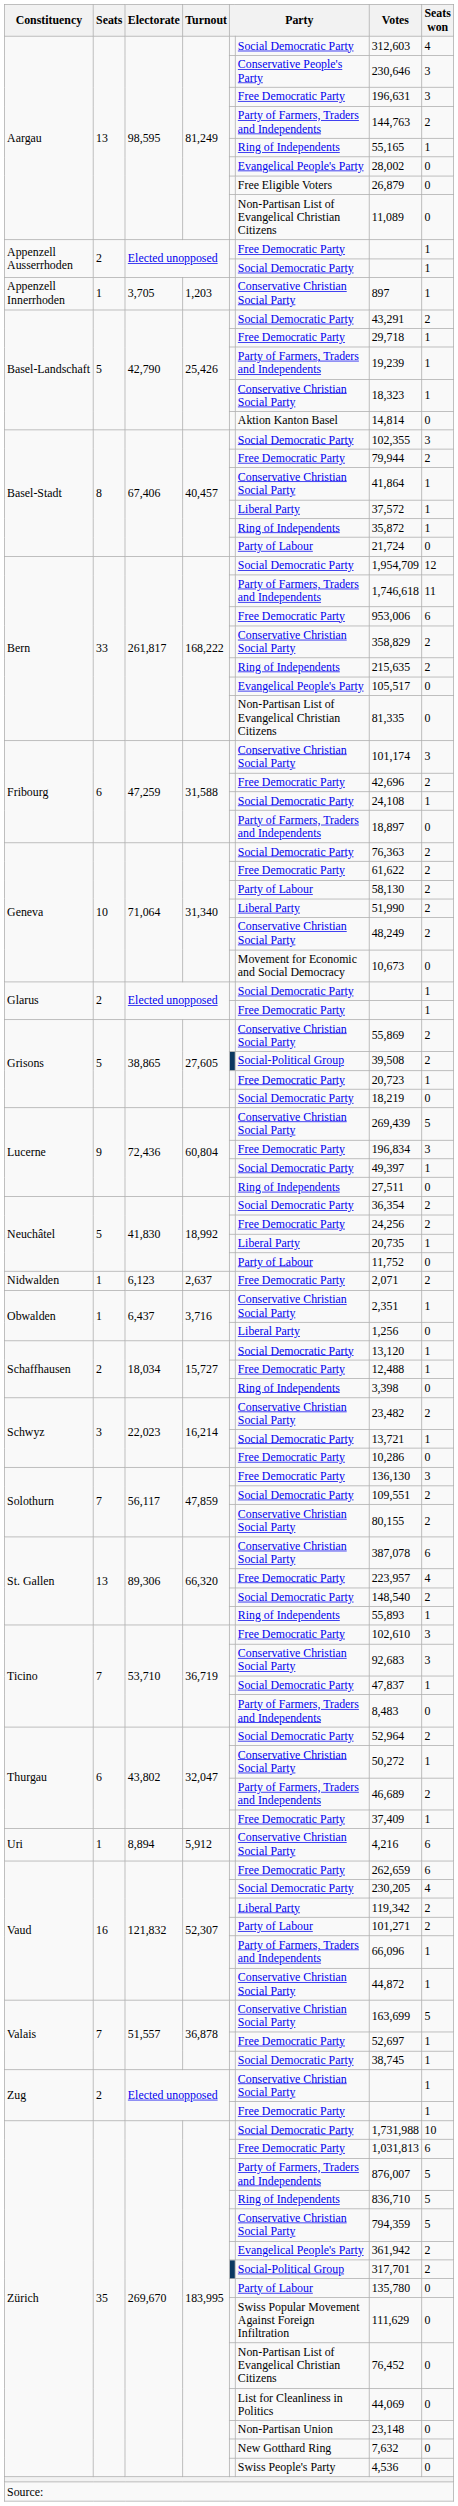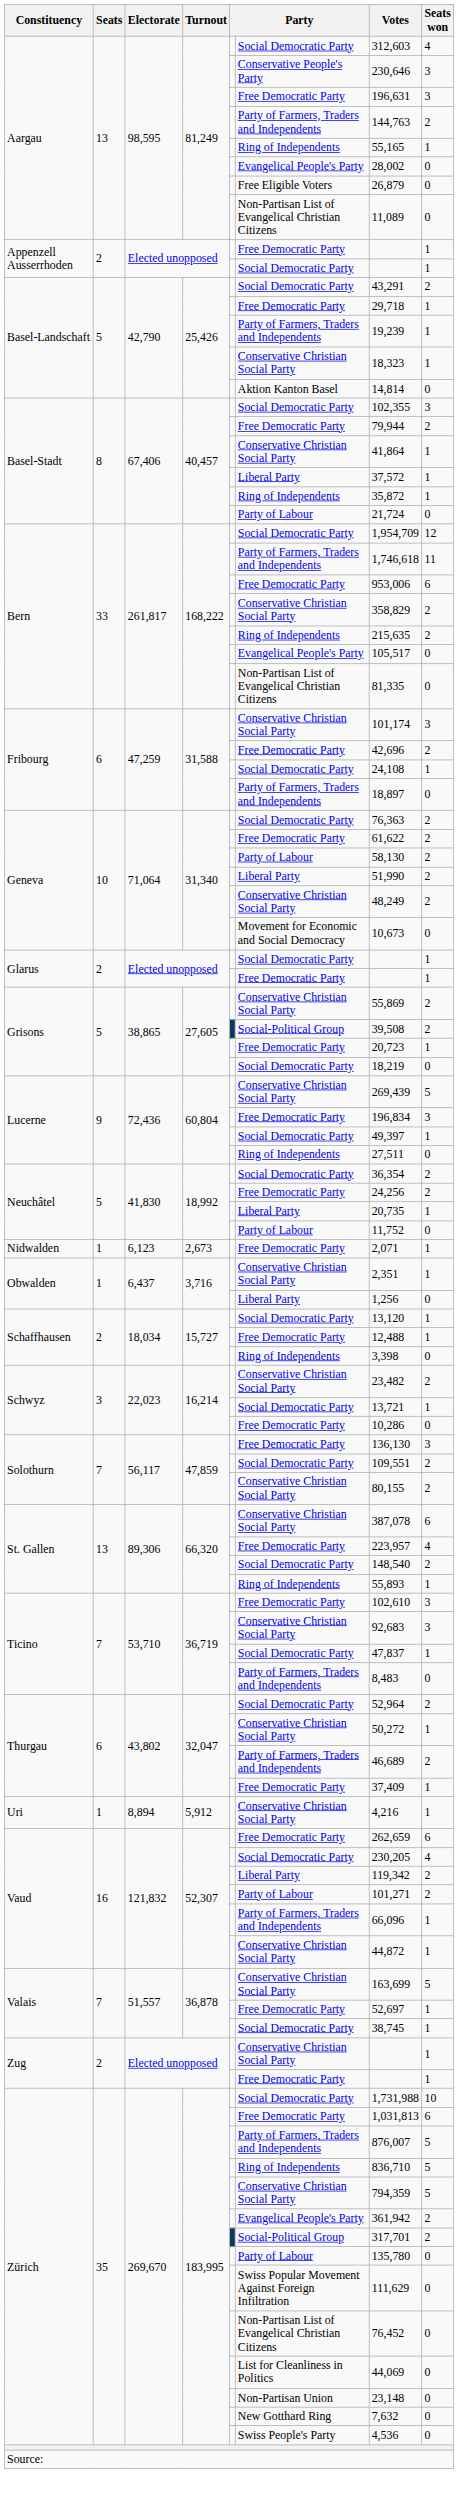 <table class="wikitable">
 <tr>
 <th>Constituency</th>
 <th>Seats</th>
 <th>Electorate</th>
 <th>Turnout</th>
 <th colspan="2">Party</th>
 <th>Votes</th>
 <th>Seats<br>won</th>
 </tr>
 <tr>
 <td rowspan="8">Aargau</td>
 <td rowspan="8">13</td>
 <td rowspan="8">98,595</td>
 <td rowspan="8">81,249</td>
 <td style="color:inherit;background:"></td>
 <td><a href='#'>Social Democratic Party</a></td>
 <td>312,603</td>
 <td>4</td>
 </tr>
 <tr>
 <td style="color:inherit;background:"></td>
 <td><a href='#'>Conservative People's Party</a></td>
 <td>230,646</td>
 <td>3</td>
 </tr>
 <tr>
 <td style="color:inherit;background:"></td>
 <td><a href='#'>Free Democratic Party</a></td>
 <td>196,631</td>
 <td>3</td>
 </tr>
 <tr>
 <td style="color:inherit;background:"></td>
 <td><a href='#'>Party of Farmers, Traders and Independents</a></td>
 <td>144,763</td>
 <td>2</td>
 </tr>
 <tr>
 <td style="color:inherit;background:"></td>
 <td><a href='#'>Ring of Independents</a></td>
 <td>55,165</td>
 <td>1</td>
 </tr>
 <tr>
 <td style="color:inherit;background:"></td>
 <td><a href='#'>Evangelical People's Party</a></td>
 <td>28,002</td>
 <td>0</td>
 </tr>
 <tr>
 <td style="color:inherit;background:"></td>
 <td>Free Eligible Voters</td>
 <td>26,879</td>
 <td>0</td>
 </tr>
 <tr>
 <td style="color:inherit;background:"></td>
 <td>Non-Partisan List of Evangelical Christian Citizens</td>
 <td>11,089</td>
 <td>0</td>
 </tr>
 <tr>
 <td rowspan="2">Appenzell Ausserrhoden</td>
 <td rowspan="2">2</td>
 <td rowspan="2" colspan=2><a href='#'>Elected unopposed</a></td>
 <td style="color:inherit;background:"></td>
 <td><a href='#'>Free Democratic Party</a></td>
 <td></td>
 <td>1</td>
 </tr>
 <tr>
 <td style="color:inherit;background:"></td>
 <td><a href='#'>Social Democratic Party</a></td>
 <td></td>
-<td>1</td>
-</tr>
-<tr>
-<td>Appenzell Innerrhoden</td>
-<td>1</td>
-<td>3,705</td>
-<td>1,203</td>
-<td style="color:inherit;background:"></td>
-<td><a href='#'>Conservative Christian Social Party</a></td>
-<td>897</td>
 <td>1</td>
 </tr>
 <tr>
 <td rowspan="5">Basel-Landschaft</td>
 <td rowspan="5">5</td>
 <td rowspan="5">42,790</td>
 <td rowspan="5">25,426</td>
 <td style="color:inherit;background:"></td>
 <td><a href='#'>Social Democratic Party</a></td>
 <td>43,291</td>
 <td>2</td>
 </tr>
 <tr>
 <td style="color:inherit;background:"></td>
 <td><a href='#'>Free Democratic Party</a></td>
 <td>29,718</td>
 <td>1</td>
 </tr>
 <tr>
 <td style="color:inherit;background:"></td>
 <td><a href='#'>Party of Farmers, Traders and Independents</a></td>
 <td>19,239</td>
 <td>1</td>
 </tr>
 <tr>
 <td style="color:inherit;background:"></td>
 <td><a href='#'>Conservative Christian Social Party</a></td>
 <td>18,323</td>
 <td>1</td>
 </tr>
 <tr>
 <td style="color:inherit;background:"></td>
 <td>Aktion Kanton Basel</td>
 <td>14,814</td>
 <td>0</td>
 </tr>
 <tr>
 <td rowspan="6">Basel-Stadt</td>
 <td rowspan="6">8</td>
 <td rowspan="6">67,406</td>
 <td rowspan="6">40,457</td>
 <td style="color:inherit;background:"></td>
 <td><a href='#'>Social Democratic Party</a></td>
 <td>102,355</td>
 <td>3</td>
 </tr>
 <tr>
 <td style="color:inherit;background:"></td>
 <td><a href='#'>Free Democratic Party</a></td>
 <td>79,944</td>
 <td>2</td>
 </tr>
 <tr>
 <td style="color:inherit;background:"></td>
 <td><a href='#'>Conservative Christian Social Party</a></td>
 <td>41,864</td>
 <td>1</td>
 </tr>
 <tr>
 <td style="color:inherit;background:"></td>
 <td><a href='#'>Liberal Party</a></td>
 <td>37,572</td>
 <td>1</td>
 </tr>
 <tr>
 <td style="color:inherit;background:"></td>
 <td><a href='#'>Ring of Independents</a></td>
 <td>35,872</td>
 <td>1</td>
 </tr>
 <tr>
 <td style="color:inherit;background:"></td>
 <td><a href='#'>Party of Labour</a></td>
 <td>21,724</td>
 <td>0</td>
 </tr>
 <tr>
 <td rowspan="7">Bern</td>
 <td rowspan="7">33</td>
 <td rowspan="7">261,817</td>
 <td rowspan="7">168,222</td>
 <td style="color:inherit;background:"></td>
 <td><a href='#'>Social Democratic Party</a></td>
 <td>1,954,709</td>
 <td>12</td>
 </tr>
 <tr>
 <td style="color:inherit;background:"></td>
 <td><a href='#'>Party of Farmers, Traders and Independents</a></td>
 <td>1,746,618</td>
 <td>11</td>
 </tr>
 <tr>
 <td style="color:inherit;background:"></td>
 <td><a href='#'>Free Democratic Party</a></td>
 <td>953,006</td>
 <td>6</td>
 </tr>
 <tr>
 <td style="color:inherit;background:"></td>
 <td><a href='#'>Conservative Christian Social Party</a></td>
 <td>358,829</td>
 <td>2</td>
 </tr>
 <tr>
 <td style="color:inherit;background:"></td>
 <td><a href='#'>Ring of Independents</a></td>
 <td>215,635</td>
 <td>2</td>
 </tr>
 <tr>
 <td style="color:inherit;background:"></td>
 <td><a href='#'>Evangelical People's Party</a></td>
 <td>105,517</td>
 <td>0</td>
 </tr>
 <tr>
 <td style="color:inherit;background:"></td>
 <td>Non-Partisan List of Evangelical Christian Citizens</td>
 <td>81,335</td>
 <td>0</td>
 </tr>
 <tr>
 <td rowspan="4">Fribourg</td>
 <td rowspan="4">6</td>
 <td rowspan="4">47,259</td>
 <td rowspan="4">31,588</td>
 <td style="color:inherit;background:"></td>
 <td><a href='#'>Conservative Christian Social Party</a></td>
 <td>101,174</td>
 <td>3</td>
 </tr>
 <tr>
 <td style="color:inherit;background:"></td>
 <td><a href='#'>Free Democratic Party</a></td>
 <td>42,696</td>
 <td>2</td>
 </tr>
 <tr>
 <td style="color:inherit;background:"></td>
 <td><a href='#'>Social Democratic Party</a></td>
 <td>24,108</td>
 <td>1</td>
 </tr>
 <tr>
 <td style="color:inherit;background:"></td>
 <td><a href='#'>Party of Farmers, Traders and Independents</a></td>
 <td>18,897</td>
 <td>0</td>
 </tr>
 <tr>
 <td rowspan="6">Geneva</td>
 <td rowspan="6">10</td>
 <td rowspan="6">71,064</td>
 <td rowspan="6">31,340</td>
 <td style="color:inherit;background:"></td>
 <td><a href='#'>Social Democratic Party</a></td>
 <td>76,363</td>
 <td>2</td>
 </tr>
 <tr>
 <td style="color:inherit;background:"></td>
 <td><a href='#'>Free Democratic Party</a></td>
 <td>61,622</td>
 <td>2</td>
 </tr>
 <tr>
 <td style="color:inherit;background:"></td>
 <td><a href='#'>Party of Labour</a></td>
 <td>58,130</td>
 <td>2</td>
 </tr>
 <tr>
 <td style="color:inherit;background:"></td>
 <td><a href='#'>Liberal Party</a></td>
 <td>51,990</td>
 <td>2</td>
 </tr>
 <tr>
 <td style="color:inherit;background:"></td>
 <td><a href='#'>Conservative Christian Social Party</a></td>
 <td>48,249</td>
 <td>2</td>
 </tr>
 <tr>
 <td style="color:inherit;background:"></td>
 <td>Movement for Economic and Social Democracy</td>
 <td>10,673</td>
 <td>0</td>
 </tr>
 <tr>
 <td rowspan="2">Glarus</td>
 <td rowspan="2">2</td>
 <td rowspan="2" colspan=2><a href='#'>Elected unopposed</a></td>
 <td style="color:inherit;background:"></td>
 <td><a href='#'>Social Democratic Party</a></td>
 <td></td>
 <td>1</td>
 </tr>
 <tr>
 <td style="color:inherit;background:"></td>
 <td><a href='#'>Free Democratic Party</a></td>
 <td></td>
 <td>1</td>
 </tr>
 <tr>
 <td rowspan="4">Grisons</td>
 <td rowspan="4">5</td>
 <td rowspan="4">38,865</td>
 <td rowspan="4">27,605</td>
 <td style="color:inherit;background:"></td>
 <td><a href='#'>Conservative Christian Social Party</a></td>
 <td>55,869</td>
 <td>2</td>
 </tr>
 <tr>
 <td style="color:inherit;background:#0B3861"></td>
 <td><a href='#'>Social-Political Group</a></td>
 <td>39,508</td>
 <td>2</td>
 </tr>
 <tr>
 <td style="color:inherit;background:"></td>
 <td><a href='#'>Free Democratic Party</a></td>
 <td>20,723</td>
 <td>1</td>
 </tr>
 <tr>
 <td style="color:inherit;background:"></td>
 <td><a href='#'>Social Democratic Party</a></td>
 <td>18,219</td>
 <td>0</td>
 </tr>
 <tr>
 <td rowspan="4">Lucerne</td>
 <td rowspan="4">9</td>
 <td rowspan="4">72,436</td>
 <td rowspan="4">60,804</td>
 <td style="color:inherit;background:"></td>
 <td><a href='#'>Conservative Christian Social Party</a></td>
 <td>269,439</td>
 <td>5</td>
 </tr>
 <tr>
 <td style="color:inherit;background:"></td>
 <td><a href='#'>Free Democratic Party</a></td>
 <td>196,834</td>
 <td>3</td>
 </tr>
 <tr>
 <td style="color:inherit;background:"></td>
 <td><a href='#'>Social Democratic Party</a></td>
 <td>49,397</td>
 <td>1</td>
 </tr>
 <tr>
 <td style="color:inherit;background:"></td>
 <td><a href='#'>Ring of Independents</a></td>
 <td>27,511</td>
 <td>0</td>
 </tr>
 <tr>
 <td rowspan="4">Neuchâtel</td>
 <td rowspan="4">5</td>
 <td rowspan="4">41,830</td>
 <td rowspan="4">18,992</td>
 <td style="color:inherit;background:"></td>
 <td><a href='#'>Social Democratic Party</a></td>
 <td>36,354</td>
 <td>2</td>
 </tr>
 <tr>
 <td style="color:inherit;background:"></td>
 <td><a href='#'>Free Democratic Party</a></td>
 <td>24,256</td>
 <td>2</td>
 </tr>
 <tr>
 <td style="color:inherit;background:"></td>
 <td><a href='#'>Liberal Party</a></td>
 <td>20,735</td>
 <td>1</td>
 </tr>
 <tr>
 <td style="color:inherit;background:"></td>
 <td><a href='#'>Party of Labour</a></td>
 <td>11,752</td>
 <td>0</td>
 </tr>
 <tr>
 <td>Nidwalden</td>
 <td>1</td>
 <td>6,123</td>
-<td>2,637</td>
+<td>2,673</td>
 <td style="color:inherit;background:"></td>
 <td><a href='#'>Free Democratic Party</a></td>
 <td>2,071</td>
-<td>2</td>
+<td>1</td>
 </tr>
 <tr>
 <td rowspan="2">Obwalden</td>
 <td rowspan="2">1</td>
 <td rowspan="2">6,437</td>
 <td rowspan="2">3,716</td>
 <td style="color:inherit;background:"></td>
 <td><a href='#'>Conservative Christian Social Party</a></td>
 <td>2,351</td>
 <td>1</td>
 </tr>
 <tr>
 <td style="color:inherit;background:"></td>
 <td><a href='#'>Liberal Party</a></td>
 <td>1,256</td>
 <td>0</td>
 </tr>
 <tr>
 <td rowspan="3">Schaffhausen</td>
 <td rowspan="3">2</td>
 <td rowspan="3">18,034</td>
 <td rowspan="3">15,727</td>
 <td style="color:inherit;background:"></td>
 <td><a href='#'>Social Democratic Party</a></td>
 <td>13,120</td>
 <td>1</td>
 </tr>
 <tr>
 <td style="color:inherit;background:"></td>
 <td><a href='#'>Free Democratic Party</a></td>
 <td>12,488</td>
 <td>1</td>
 </tr>
 <tr>
 <td style="color:inherit;background:"></td>
 <td><a href='#'>Ring of Independents</a></td>
 <td>3,398</td>
 <td>0</td>
 </tr>
 <tr>
 <td rowspan="3">Schwyz</td>
 <td rowspan="3">3</td>
 <td rowspan="3">22,023</td>
 <td rowspan="3">16,214</td>
 <td style="color:inherit;background:"></td>
 <td><a href='#'>Conservative Christian Social Party</a></td>
 <td>23,482</td>
 <td>2</td>
 </tr>
 <tr>
 <td style="color:inherit;background:"></td>
 <td><a href='#'>Social Democratic Party</a></td>
 <td>13,721</td>
 <td>1</td>
 </tr>
 <tr>
 <td style="color:inherit;background:"></td>
 <td><a href='#'>Free Democratic Party</a></td>
 <td>10,286</td>
 <td>0</td>
 </tr>
 <tr>
 <td rowspan="3">Solothurn</td>
 <td rowspan="3">7</td>
 <td rowspan="3">56,117</td>
 <td rowspan="3">47,859</td>
 <td style="color:inherit;background:"></td>
 <td><a href='#'>Free Democratic Party</a></td>
 <td>136,130</td>
 <td>3</td>
 </tr>
 <tr>
 <td style="color:inherit;background:"></td>
 <td><a href='#'>Social Democratic Party</a></td>
 <td>109,551</td>
 <td>2</td>
 </tr>
 <tr>
 <td style="color:inherit;background:"></td>
 <td><a href='#'>Conservative Christian Social Party</a></td>
 <td>80,155</td>
 <td>2</td>
 </tr>
 <tr>
 <td rowspan="4">St. Gallen</td>
 <td rowspan="4">13</td>
 <td rowspan="4">89,306</td>
 <td rowspan="4">66,320</td>
 <td style="color:inherit;background:"></td>
 <td><a href='#'>Conservative Christian Social Party</a></td>
 <td>387,078</td>
 <td>6</td>
 </tr>
 <tr>
 <td style="color:inherit;background:"></td>
 <td><a href='#'>Free Democratic Party</a></td>
 <td>223,957</td>
 <td>4</td>
 </tr>
 <tr>
 <td style="color:inherit;background:"></td>
 <td><a href='#'>Social Democratic Party</a></td>
 <td>148,540</td>
 <td>2</td>
 </tr>
 <tr>
 <td style="color:inherit;background:"></td>
 <td><a href='#'>Ring of Independents</a></td>
 <td>55,893</td>
 <td>1</td>
 </tr>
 <tr>
 <td rowspan="4">Ticino</td>
 <td rowspan="4">7</td>
 <td rowspan="4">53,710</td>
 <td rowspan="4">36,719</td>
 <td style="color:inherit;background:"></td>
 <td><a href='#'>Free Democratic Party</a></td>
 <td>102,610</td>
 <td>3</td>
 </tr>
 <tr>
 <td style="color:inherit;background:"></td>
 <td><a href='#'>Conservative Christian Social Party</a></td>
 <td>92,683</td>
 <td>3</td>
 </tr>
 <tr>
 <td style="color:inherit;background:"></td>
 <td><a href='#'>Social Democratic Party</a></td>
 <td>47,837</td>
 <td>1</td>
 </tr>
 <tr>
 <td style="color:inherit;background:"></td>
 <td><a href='#'>Party of Farmers, Traders and Independents</a></td>
 <td>8,483</td>
 <td>0</td>
 </tr>
 <tr>
 <td rowspan="4">Thurgau</td>
 <td rowspan="4">6</td>
 <td rowspan="4">43,802</td>
 <td rowspan="4">32,047</td>
 <td style="color:inherit;background:"></td>
 <td><a href='#'>Social Democratic Party</a></td>
 <td>52,964</td>
 <td>2</td>
 </tr>
 <tr>
 <td style="color:inherit;background:"></td>
 <td><a href='#'>Conservative Christian Social Party</a></td>
 <td>50,272</td>
 <td>1</td>
 </tr>
 <tr>
 <td style="color:inherit;background:"></td>
 <td><a href='#'>Party of Farmers, Traders and Independents</a></td>
 <td>46,689</td>
 <td>2</td>
 </tr>
 <tr>
 <td style="color:inherit;background:"></td>
 <td><a href='#'>Free Democratic Party</a></td>
 <td>37,409</td>
 <td>1</td>
 </tr>
 <tr>
 <td>Uri</td>
 <td>1</td>
 <td>8,894</td>
 <td>5,912</td>
 <td style="color:inherit;background:"></td>
 <td><a href='#'>Conservative Christian Social Party</a></td>
 <td>4,216</td>
-<td>6</td>
+<td>1</td>
 </tr>
 <tr>
 <td rowspan="6">Vaud</td>
 <td rowspan="6">16</td>
 <td rowspan="6">121,832</td>
 <td rowspan="6">52,307</td>
 <td style="color:inherit;background:"></td>
 <td><a href='#'>Free Democratic Party</a></td>
 <td>262,659</td>
 <td>6</td>
 </tr>
 <tr>
 <td style="color:inherit;background:"></td>
 <td><a href='#'>Social Democratic Party</a></td>
 <td>230,205</td>
 <td>4</td>
 </tr>
 <tr>
 <td style="color:inherit;background:"></td>
 <td><a href='#'>Liberal Party</a></td>
 <td>119,342</td>
 <td>2</td>
 </tr>
 <tr>
 <td style="color:inherit;background:"></td>
 <td><a href='#'>Party of Labour</a></td>
 <td>101,271</td>
 <td>2</td>
 </tr>
 <tr>
 <td style="color:inherit;background:"></td>
 <td><a href='#'>Party of Farmers, Traders and Independents</a></td>
 <td>66,096</td>
 <td>1</td>
 </tr>
 <tr>
 <td style="color:inherit;background:"></td>
 <td><a href='#'>Conservative Christian Social Party</a></td>
 <td>44,872</td>
 <td>1</td>
 </tr>
 <tr>
 <td rowspan="3">Valais</td>
 <td rowspan="3">7</td>
 <td rowspan="3">51,557</td>
 <td rowspan="3">36,878</td>
 <td style="color:inherit;background:"></td>
 <td><a href='#'>Conservative Christian Social Party</a></td>
 <td>163,699</td>
 <td>5</td>
 </tr>
 <tr>
 <td style="color:inherit;background:"></td>
 <td><a href='#'>Free Democratic Party</a></td>
 <td>52,697</td>
 <td>1</td>
 </tr>
 <tr>
 <td style="color:inherit;background:"></td>
 <td><a href='#'>Social Democratic Party</a></td>
 <td>38,745</td>
 <td>1</td>
 </tr>
 <tr>
 <td rowspan="2">Zug</td>
 <td rowspan="2">2</td>
 <td rowspan="2" colspan=2><a href='#'>Elected unopposed</a></td>
 <td style="color:inherit;background:"></td>
 <td><a href='#'>Conservative Christian Social Party</a></td>
 <td></td>
 <td>1</td>
 </tr>
 <tr>
 <td style="color:inherit;background:"></td>
 <td><a href='#'>Free Democratic Party</a></td>
 <td></td>
 <td>1</td>
 </tr>
 <tr>
 <td rowspan="14">Zürich</td>
 <td rowspan="14">35</td>
 <td rowspan="14">269,670</td>
 <td rowspan="14">183,995</td>
 <td style="color:inherit;background:"></td>
 <td><a href='#'>Social Democratic Party</a></td>
 <td>1,731,988</td>
 <td>10</td>
 </tr>
 <tr>
 <td style="color:inherit;background:"></td>
 <td><a href='#'>Free Democratic Party</a></td>
 <td>1,031,813</td>
 <td>6</td>
 </tr>
 <tr>
 <td style="color:inherit;background:"></td>
 <td><a href='#'>Party of Farmers, Traders and Independents</a></td>
 <td>876,007</td>
 <td>5</td>
 </tr>
 <tr>
 <td style="color:inherit;background:"></td>
 <td><a href='#'>Ring of Independents</a></td>
 <td>836,710</td>
 <td>5</td>
 </tr>
 <tr>
 <td style="color:inherit;background:"></td>
 <td><a href='#'>Conservative Christian Social Party</a></td>
 <td>794,359</td>
 <td>5</td>
 </tr>
 <tr>
 <td style="color:inherit;background:"></td>
 <td><a href='#'>Evangelical People's Party</a></td>
 <td>361,942</td>
 <td>2</td>
 </tr>
 <tr>
 <td style="color:inherit;background:#0B3861"></td>
 <td><a href='#'>Social-Political Group</a></td>
 <td>317,701</td>
 <td>2</td>
 </tr>
 <tr>
 <td style="color:inherit;background:"></td>
 <td><a href='#'>Party of Labour</a></td>
 <td>135,780</td>
 <td>0</td>
 </tr>
 <tr>
 <td style="color:inherit;background:"></td>
 <td>Swiss Popular Movement Against Foreign Infiltration</td>
 <td>111,629</td>
 <td>0</td>
 </tr>
 <tr>
 <td style="color:inherit;background:"></td>
 <td>Non-Partisan List of Evangelical Christian Citizens</td>
 <td>76,452</td>
 <td>0</td>
 </tr>
 <tr>
 <td style="color:inherit;background:"></td>
 <td>List for Cleanliness in Politics</td>
 <td>44,069</td>
 <td>0</td>
 </tr>
 <tr>
 <td style="color:inherit;background:"></td>
 <td>Non-Partisan Union</td>
 <td>23,148</td>
 <td>0</td>
 </tr>
 <tr>
 <td style="color:inherit;background:"></td>
 <td>New Gotthard Ring</td>
 <td>7,632</td>
 <td>0</td>
 </tr>
 <tr>
 <td style="color:inherit;background:"></td>
 <td>Swiss People's Party</td>
 <td>4,536</td>
 <td>0</td>
 </tr>
 <tr>
 <th colspan="8"></th>
 </tr>
 <tr>
 <td colspan="8">Source: </td>
 </tr>
 </table>
